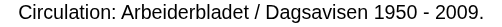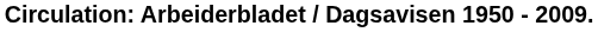 <table class="toccolours" style="margin:0.2em auto">
 <tr>
 <td></td>
 </tr>
 <tr>
-<td>Circulation: Arbeiderbladet / Dagsavisen 1950 - 2009.</td>
+<td><strong>Circulation: Arbeiderbladet / Dagsavisen 1950 - 2009.</strong></td>
 </tr>
 </table>
